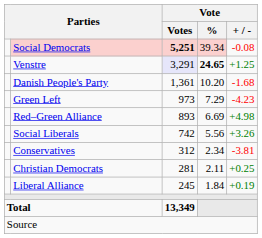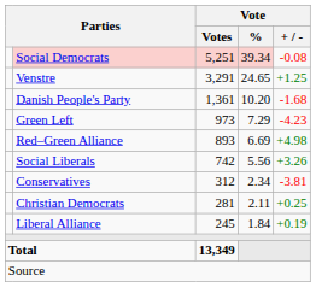 <table class="wikitable" style="text-align:right;">
 <tr>
 <th style="text-align:centre;" rowspan="2" colspan="2" width="225">Parties</th>
 <th colspan="3">Vote</th>
 </tr>
 <tr>
 <th width="15">Votes</th>
 <th width="15">%</th>
 <th width="15">+ / -</th>
 </tr>
 <tr>
 <td width="2" style="color:inherit;background:"></td>
 <td bgcolor=#fbd0ce  align="left"><a href='#'>Social Democrats</a></td>
-<td bgcolor=#fbd0ce><strong>5,251</strong></td>
+<td bgcolor=#fbd0ce>5,251</td>
 <td bgcolor=#fbd0ce>39.34</td>
 <td style=color:red;>-0.08</td>
 </tr>
 <tr>
 <td width="2" style="color:inherit;background:"></td>
 <td align="left"><a href='#'>Venstre</a></td>
-<td style="background: lavender;">3,291</td>
-<td><strong>24.65</strong></td>
+<td>3,291</td>
+<td>24.65</td>
 <td style=color:green;>+1.25</td>
 </tr>
 <tr>
 <td width="2" style="color:inherit;background:"></td>
 <td align="left"><a href='#'>Danish People's Party</a></td>
 <td>1,361</td>
 <td>10.20</td>
 <td style=color:red;>-1.68</td>
 </tr>
 <tr>
 <td width="2" style="color:inherit;background:"></td>
 <td align="left"><a href='#'>Green Left</a></td>
 <td>973</td>
 <td>7.29</td>
 <td style=color:red;>-4.23</td>
 </tr>
 <tr>
 <td width="2" style="color:inherit;background:"></td>
 <td align="left"><a href='#'>Red–Green Alliance</a></td>
 <td>893</td>
 <td>6.69</td>
 <td style=color:green;>+4.98</td>
 </tr>
 <tr>
 <td width="2" style="color:inherit;background:"></td>
 <td align="left"><a href='#'>Social Liberals</a></td>
 <td>742</td>
 <td>5.56</td>
 <td style=color:green;>+3.26</td>
 </tr>
 <tr>
 <td width="2" style="color:inherit;background:"></td>
 <td align="left"><a href='#'>Conservatives</a></td>
 <td>312</td>
 <td>2.34</td>
 <td style=color:red;>-3.81</td>
 </tr>
 <tr>
 <td width="2" style="color:inherit;background:"></td>
 <td align="left"><a href='#'>Christian Democrats</a></td>
 <td>281</td>
 <td>2.11</td>
 <td style=color:green;>+0.25</td>
 </tr>
 <tr>
 <td width="2" style="color:inherit;background:"></td>
 <td align="left"><a href='#'>Liberal Alliance</a></td>
 <td>245</td>
 <td>1.84</td>
 <td style=color:green;>+0.19</td>
 </tr>
 <tr>
 <td colspan="7" bgcolor="#E9E9E9"></td>
 </tr>
 <tr>
 <td align="left" colspan="2"><strong>Total</strong></td>
 <td><strong>13,349</strong></td>
 <td bgcolor="#E9E9E9" colspan="2"></td>
 </tr>
 <tr>
 <td align="left" colspan="6">Source</td>
 </tr>
 </table>
